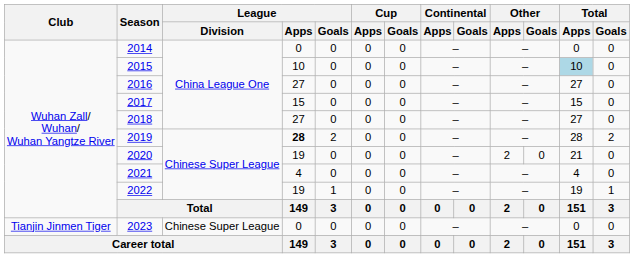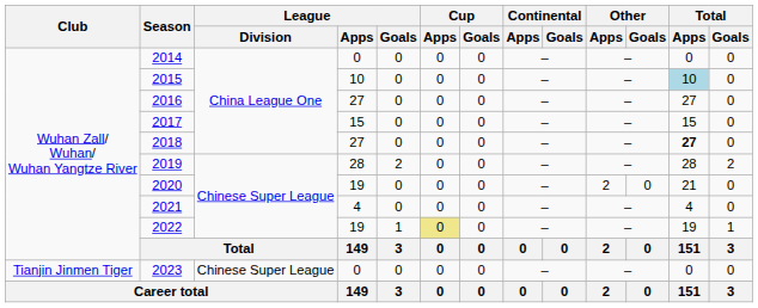 <table class="wikitable" style="text-align: center">
 <tr>
 <th rowspan="2">Club</th>
 <th rowspan="2">Season</th>
 <th colspan="3">League</th>
 <th colspan="2">Cup</th>
 <th colspan="2">Continental</th>
 <th colspan="2">Other</th>
 <th colspan="2">Total</th>
 </tr>
 <tr>
 <th>Division</th>
 <th>Apps</th>
 <th>Goals</th>
 <th>Apps</th>
 <th>Goals</th>
 <th>Apps</th>
 <th>Goals</th>
 <th>Apps</th>
 <th>Goals</th>
 <th>Apps</th>
 <th>Goals</th>
 </tr>
 <tr>
 <td rowspan=10><a href='#'>Wuhan Zall</a>/<br><a href='#'>Wuhan</a>/<br><a href='#'>Wuhan Yangtze River</a></td>
 <td><a href='#'>2014</a></td>
 <td rowspan=5><a href='#'>China League One</a></td>
 <td>0</td>
 <td>0</td>
 <td>0</td>
 <td>0</td>
 <td colspan="2">–</td>
 <td colspan="2">–</td>
 <td>0</td>
 <td>0</td>
 </tr>
 <tr>
 <td><a href='#'>2015</a></td>
 <td>10</td>
 <td>0</td>
 <td>0</td>
 <td>0</td>
 <td colspan="2">–</td>
 <td colspan="2">–</td>
 <td style="background: lightblue;">10</td>
 <td>0</td>
 </tr>
 <tr>
 <td><a href='#'>2016</a></td>
 <td>27</td>
 <td>0</td>
 <td>0</td>
 <td>0</td>
 <td colspan="2">–</td>
 <td colspan="2">–</td>
 <td>27</td>
 <td>0</td>
 </tr>
 <tr>
 <td><a href='#'>2017</a></td>
 <td>15</td>
 <td>0</td>
 <td>0</td>
 <td>0</td>
 <td colspan="2">–</td>
 <td colspan="2">–</td>
 <td>15</td>
 <td>0</td>
 </tr>
 <tr>
 <td><a href='#'>2018</a></td>
 <td>27</td>
 <td>0</td>
 <td>0</td>
 <td>0</td>
 <td colspan="2">–</td>
 <td colspan="2">–</td>
-<td>27</td>
+<td><strong>27</strong></td>
 <td>0</td>
 </tr>
 <tr>
 <td><a href='#'>2019</a></td>
 <td rowspan=4><a href='#'>Chinese Super League</a></td>
-<td><strong>28</strong></td>
+<td>28</td>
 <td>2</td>
 <td>0</td>
 <td>0</td>
 <td colspan="2">–</td>
 <td colspan="2">–</td>
 <td>28</td>
 <td>2</td>
 </tr>
 <tr>
 <td><a href='#'>2020</a></td>
 <td>19</td>
 <td>0</td>
 <td>0</td>
 <td>0</td>
 <td colspan="2">–</td>
 <td>2</td>
 <td>0</td>
 <td>21</td>
 <td>0</td>
 </tr>
 <tr>
 <td><a href='#'>2021</a></td>
 <td>4</td>
 <td>0</td>
 <td>0</td>
 <td>0</td>
 <td colspan="2">–</td>
 <td colspan="2">–</td>
 <td>4</td>
 <td>0</td>
 </tr>
 <tr>
 <td><a href='#'>2022</a></td>
 <td>19</td>
 <td>1</td>
-<td>0</td>
+<td style="background: khaki;">0</td>
 <td>0</td>
 <td colspan="2">–</td>
 <td colspan="2">–</td>
 <td>19</td>
 <td>1</td>
 </tr>
 <tr>
 <th colspan=2>Total</th>
 <th>149</th>
 <th>3</th>
 <th>0</th>
 <th>0</th>
 <th>0</th>
 <th>0</th>
 <th>2</th>
 <th>0</th>
 <th>151</th>
 <th>3</th>
 </tr>
 <tr>
 <td><a href='#'>Tianjin Jinmen Tiger</a></td>
 <td><a href='#'>2023</a></td>
 <td>Chinese Super League</td>
 <td>0</td>
 <td>0</td>
 <td>0</td>
 <td>0</td>
 <td colspan="2">–</td>
 <td colspan="2">–</td>
 <td>0</td>
 <td>0</td>
 </tr>
 <tr>
 <th colspan=3>Career total</th>
 <th>149</th>
 <th>3</th>
 <th>0</th>
 <th>0</th>
 <th>0</th>
 <th>0</th>
 <th>2</th>
 <th>0</th>
 <th>151</th>
 <th>3</th>
 </tr>
 </table>
